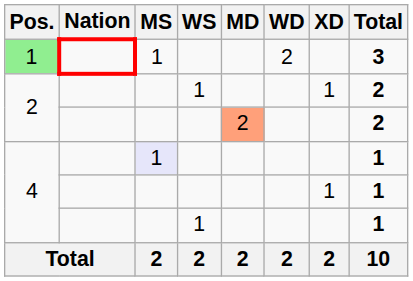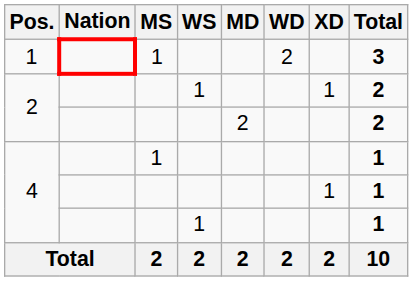 <table class="wikitable" style="text-align:center">
 <tr>
 <th>Pos.</th>
 <th>Nation</th>
 <th>MS</th>
 <th>WS</th>
 <th>MD</th>
 <th>WD</th>
 <th>XD</th>
 <th>Total</th>
 </tr>
 <tr>
-<td style="background: lightgreen;">1</td>
+<td>1</td>
 <td align="left" style="border: 3px solid red"><strong></strong></td>
 <td>1</td>
 <td></td>
 <td></td>
 <td>2</td>
 <td></td>
 <td><strong>3</strong></td>
 </tr>
 <tr>
 <td rowspan="2">2</td>
 <td align="left"></td>
 <td></td>
 <td>1</td>
 <td></td>
 <td></td>
 <td>1</td>
 <td><strong>2</strong></td>
 </tr>
 <tr>
 <td align="left"></td>
 <td></td>
 <td></td>
-<td style="background: lightsalmon;">2</td>
+<td>2</td>
 <td></td>
 <td></td>
 <td><strong>2</strong></td>
 </tr>
 <tr>
 <td rowspan="3">4</td>
 <td align="left"></td>
-<td style="background: lavender;">1</td>
+<td>1</td>
 <td></td>
 <td></td>
 <td></td>
 <td></td>
 <td><strong>1</strong></td>
 </tr>
 <tr>
 <td align="left"></td>
 <td></td>
 <td></td>
 <td></td>
 <td></td>
 <td>1</td>
 <td><strong>1</strong></td>
 </tr>
 <tr>
 <td align="left"></td>
 <td></td>
 <td>1</td>
 <td></td>
 <td></td>
 <td></td>
 <td><strong>1</strong></td>
 </tr>
 <tr>
 <th colspan="2">Total</th>
 <th>2</th>
 <th>2</th>
 <th>2</th>
 <th>2</th>
 <th>2</th>
 <th>10</th>
 </tr>
 </table>
